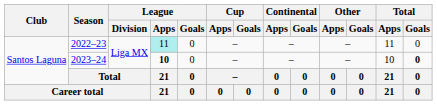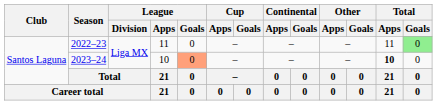 <table class="wikitable" style="text-align: center">
 <tr>
 <th rowspan="2">Club</th>
 <th rowspan="2">Season</th>
 <th colspan="3">League</th>
 <th colspan="2">Cup</th>
 <th colspan="2">Continental</th>
 <th colspan="2">Other</th>
 <th colspan="2">Total</th>
 </tr>
 <tr>
 <th>Division</th>
 <th>Apps</th>
 <th>Goals</th>
 <th>Apps</th>
 <th>Goals</th>
 <th>Apps</th>
 <th>Goals</th>
 <th>Apps</th>
 <th>Goals</th>
 <th>Apps</th>
 <th>Goals</th>
 </tr>
 <tr>
 <td rowspan="3"><a href='#'>Santos Laguna</a></td>
 <td><a href='#'>2022–23</a></td>
 <td rowspan="2"><a href='#'>Liga MX</a></td>
-<td style="background: paleturquoise;">11</td>
+<td>11</td>
 <td>0</td>
 <td colspan="2">–</td>
 <td colspan="2">–</td>
 <td colspan="2">–</td>
 <td>11</td>
-<td>0</td>
+<td style="background: lightgreen;">0</td>
 </tr>
 <tr>
 <td><a href='#'>2023–24</a></td>
-<td><strong>10</strong></td>
-<td>0</td>
+<td>10</td>
+<td style="background: lightsalmon;">0</td>
 <td colspan="2">–</td>
 <td colspan="2">–</td>
 <td colspan="2">–</td>
-<td>10</td>
-<td><strong>0</strong></td>
+<td><strong>10</strong></td>
+<td>0</td>
 </tr>
 <tr>
 <th colspan="2"><strong>Total</strong></th>
 <th>21</th>
 <th>0</th>
 <th colspan="2">–</th>
 <th>0</th>
 <th>0</th>
 <th>0</th>
 <th>0</th>
 <th>21</th>
 <th>0</th>
 </tr>
 <tr>
 <th colspan="3"><strong>Career total</strong></th>
 <th>21</th>
 <th>0</th>
 <th>0</th>
 <th>0</th>
 <th>0</th>
 <th>0</th>
 <th>0</th>
 <th>0</th>
 <th>21</th>
 <th>0</th>
 </tr>
 </table>
